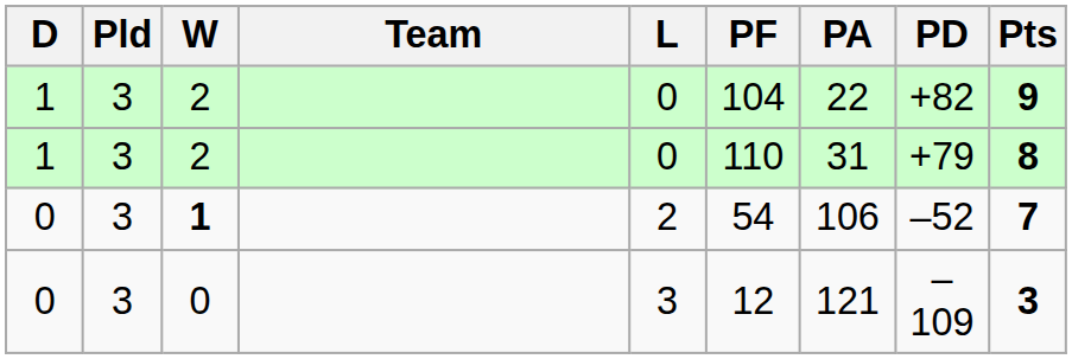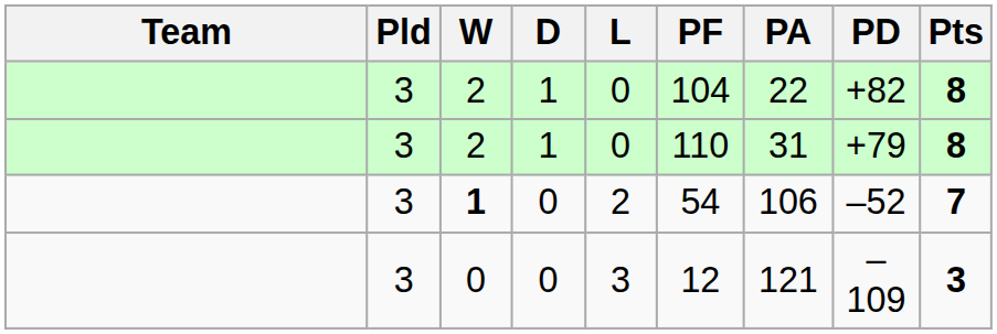 <table class="wikitable" style="text-align:center;">
 <tr>
-<th width=25 abbr="Drawn">D</th>
+<th width=155>Team</th>
 <th width=25 abbr="Played">Pld</th>
 <th width=25 abbr="Won">W</th>
-<th width=155>Team</th>
+<th width=25 abbr="Drawn">D</th>
 <th width=25 abbr="Lost">L</th>
 <th width=32 abbr="Points for">PF</th>
 <th width=32 abbr="Points against">PA</th>
 <th width=32 abbr="Points difference">PD</th>
 <th width=25 abbr="Points">Pts</th>
 </tr>
 <tr style="background:#ccffcc">
-<td>1</td>
+<td align=left></td>
 <td>3</td>
 <td>2</td>
-<td align=left></td>
+<td>1</td>
 <td>0</td>
 <td>104</td>
 <td>22</td>
 <td>+82</td>
-<td><strong>9</strong></td>
+<td><strong>8</strong></td>
 </tr>
 <tr style="background:#ccffcc">
-<td>1</td>
+<td align=left></td>
 <td>3</td>
 <td>2</td>
-<td align=left></td>
+<td>1</td>
 <td>0</td>
 <td>110</td>
 <td>31</td>
 <td>+79</td>
 <td><strong>8</strong></td>
 </tr>
 <tr>
-<td>0</td>
+<td align=left></td>
 <td>3</td>
 <td><strong>1</strong></td>
-<td align=left></td>
+<td>0</td>
 <td>2</td>
 <td>54</td>
 <td>106</td>
 <td>–52</td>
 <td><strong>7</strong></td>
 </tr>
 <tr>
-<td>0</td>
+<td align=left></td>
 <td>3</td>
 <td>0</td>
-<td align=left></td>
+<td>0</td>
 <td>3</td>
 <td>12</td>
 <td>121</td>
 <td>–109</td>
 <td><strong>3</strong></td>
 </tr>
 </table>
